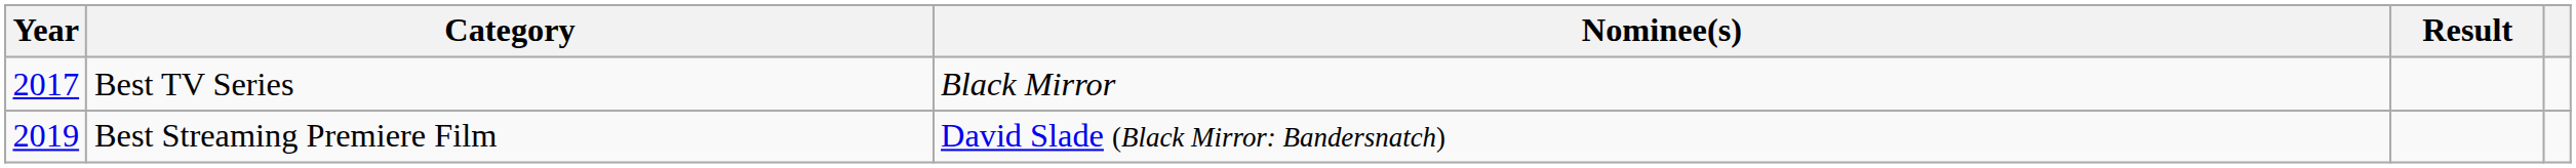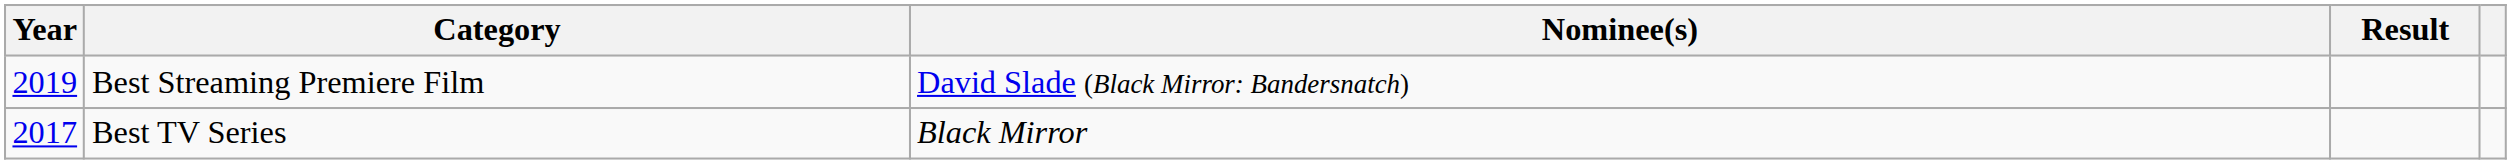 <table class="wikitable sortable" style="width:98%; summary:Black Mirror won zero of two awards.">
 <tr>
 <th scope="col" style="width:3%;">Year</th>
 <th scope="col" style="width:33%;">Category</th>
 <th>Nominee(s)</th>
 <th scope="col" style="width:6%;">Result</th>
 <th scope="col" class="unsortable" style="width:1%;"></th>
 </tr>
 <tr>
+<td style="text-align: center;"><a href='#'>2019</a></td>
+<td>Best Streaming Premiere Film</td>
+<td><a href='#'>David Slade</a> <small>(<em>Black Mirror: Bandersnatch</em>)</small></td>
+<td></td>
+<td align="center"></td>
+</tr>
+<tr>
 <td style="text-align: center;"><a href='#'>2017</a></td>
 <td>Best TV Series</td>
 <td><em>Black Mirror</em></td>
 <td></td>
 <td align="center"></td>
 </tr>
-<tr>
-<td style="text-align: center;"><a href='#'>2019</a></td>
-<td>Best Streaming Premiere Film</td>
-<td><a href='#'>David Slade</a> <small>(<em>Black Mirror: Bandersnatch</em>)</small></td>
-<td></td>
-<td align="center"></td>
-</tr>
 </table>
